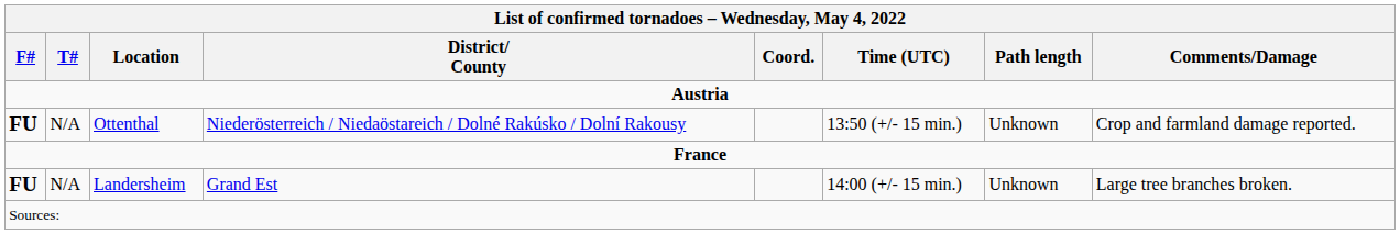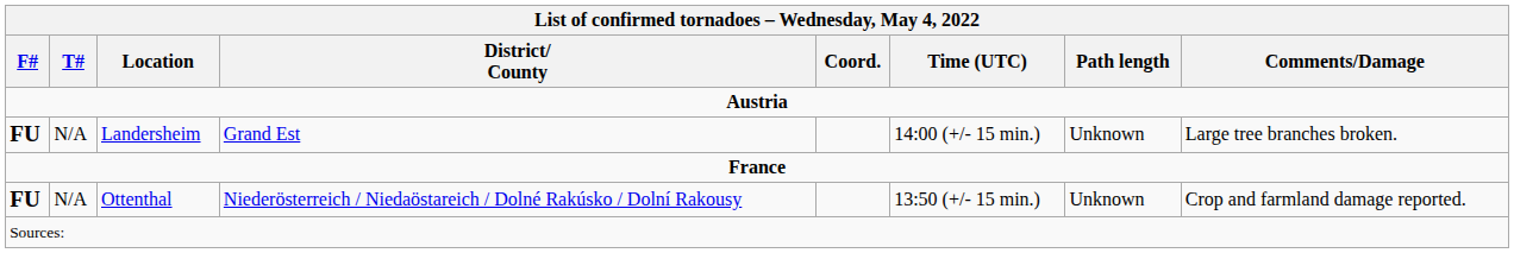 <table class="wikitable collapsible" width="100%">
 <tr>
 <th colspan="8">List of confirmed tornadoes – Wednesday, May 4, 2022</th>
 </tr>
 <tr>
 <th><a href='#'>F#</a></th>
 <th><a href='#'>T#</a></th>
 <th>Location</th>
 <th>District/<br>County</th>
 <th>Coord.</th>
 <th>Time (UTC)</th>
 <th>Path length</th>
 <th>Comments/Damage</th>
 </tr>
 <tr>
 <td colspan="8" align=center><strong> Austria </strong></td>
 </tr>
 <tr>
 <td><big><strong>FU</strong></big></td>
 <td>N/A</td>
+<td><a href='#'>Landersheim</a></td>
+<td><a href='#'>Grand Est</a></td>
+<td></td>
+<td>14:00 (+/- 15 min.)</td>
+<td>Unknown</td>
+<td>Large tree branches broken.</td>
+</tr>
+<tr>
+<td colspan="8" align=center><strong>France </strong></td>
+</tr>
+<tr>
+<td><big><strong>FU</strong></big></td>
+<td>N/A</td>
 <td><a href='#'>Ottenthal</a></td>
 <td><a href='#'>Niederösterreich / Niedaöstareich / Dolné Rakúsko / Dolní Rakousy</a></td>
 <td></td>
 <td>13:50 (+/- 15 min.)</td>
 <td>Unknown</td>
 <td>Crop and farmland damage reported.</td>
 </tr>
 <tr>
-<td colspan="8" align=center><strong>France </strong></td>
-</tr>
-<tr>
-<td><big><strong>FU</strong></big></td>
-<td>N/A</td>
-<td><a href='#'>Landersheim</a></td>
-<td><a href='#'>Grand Est</a></td>
-<td></td>
-<td>14:00 (+/- 15 min.)</td>
-<td>Unknown</td>
-<td>Large tree branches broken.</td>
-</tr>
-<tr>
 <td colspan="8"><small>Sources:  </small></td>
 </tr>
 </table>
